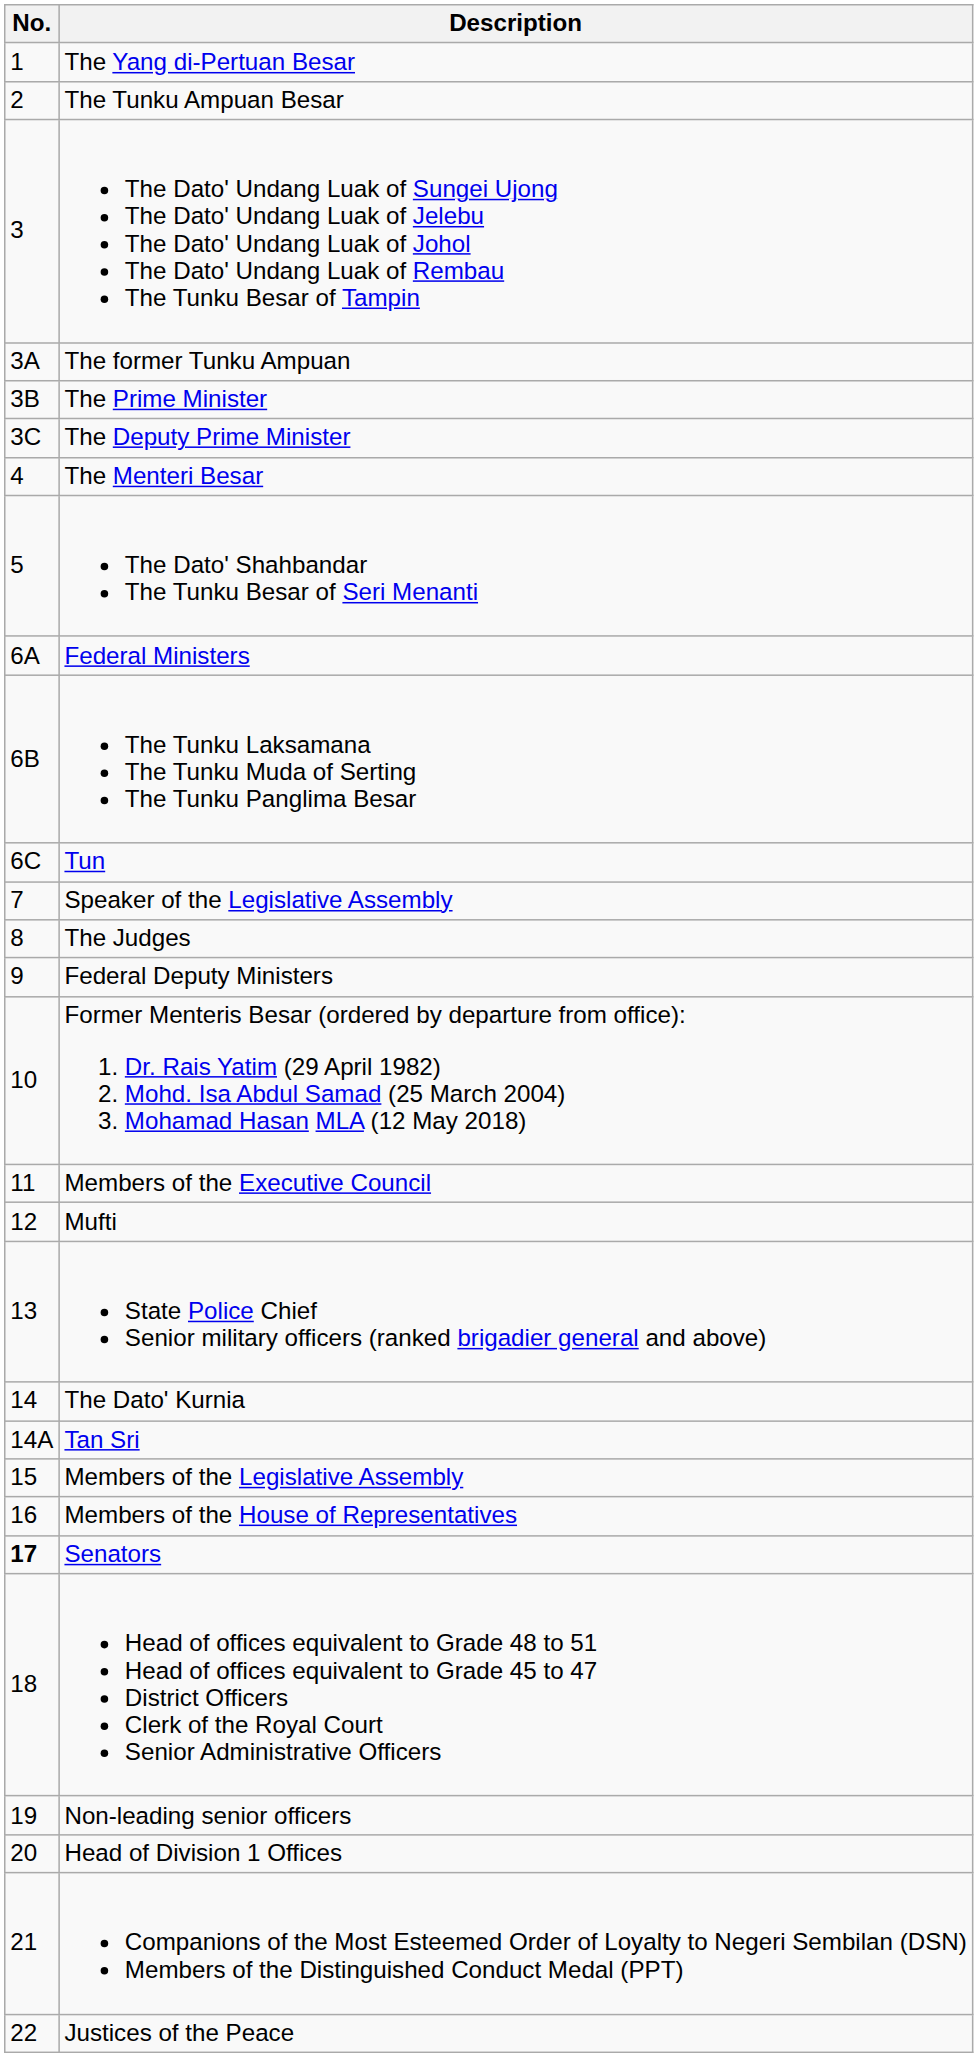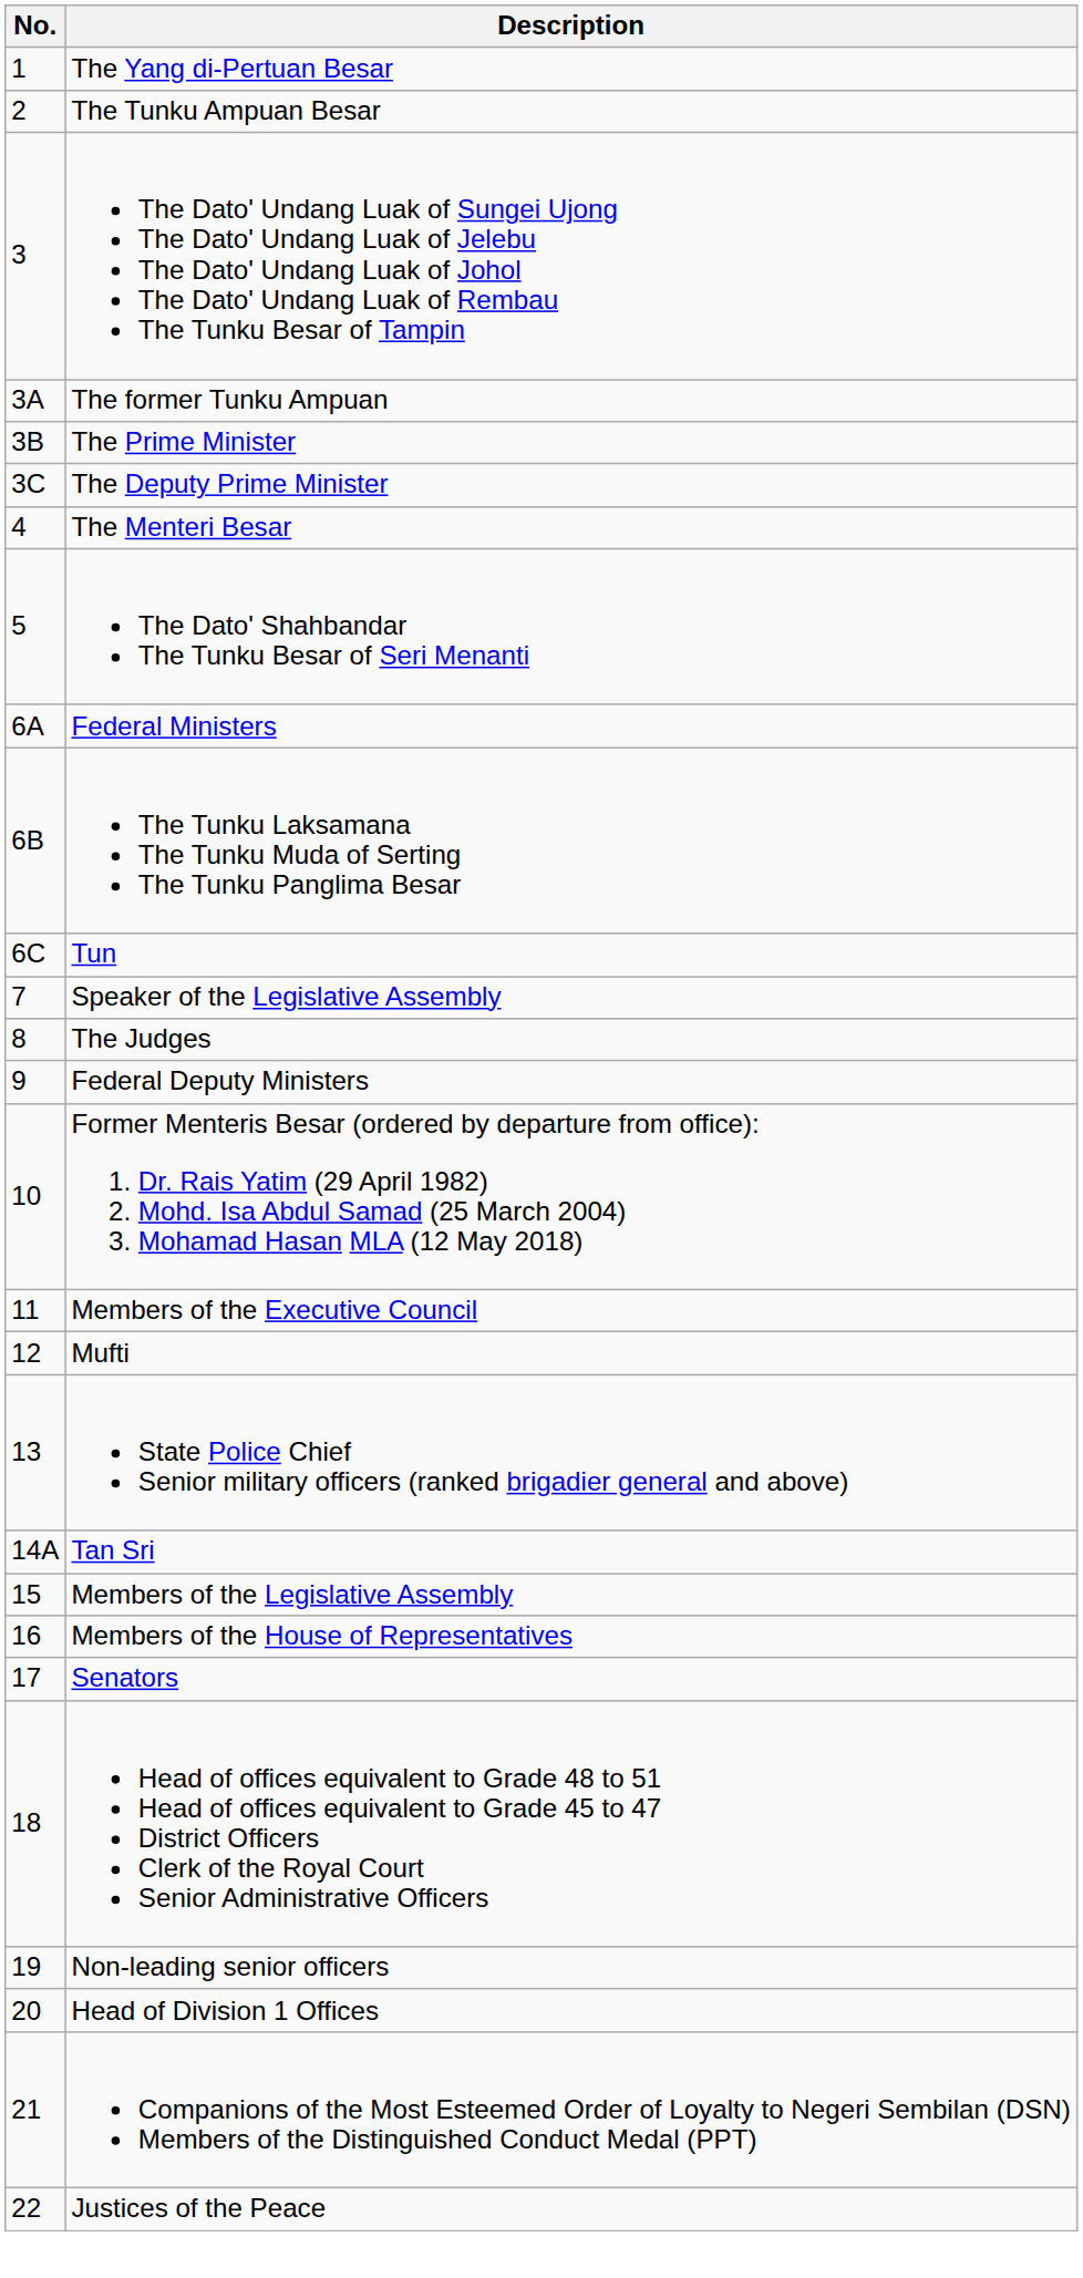 <table class="wikitable">
 <tr>
 <th>No.</th>
 <th>Description</th>
 </tr>
 <tr>
 <td>1</td>
 <td>The <a href='#'>Yang di-Pertuan Besar</a></td>
 </tr>
 <tr>
 <td>2</td>
 <td>The Tunku Ampuan Besar</td>
 </tr>
 <tr>
 <td>3</td>
 <td><br><ul><li>The Dato' Undang Luak of <a href='#'>Sungei Ujong</a></li><li>The Dato' Undang Luak of <a href='#'>Jelebu</a></li><li>The Dato' Undang Luak of <a href='#'>Johol</a></li><li>The Dato' Undang Luak of <a href='#'>Rembau</a></li><li>The Tunku Besar of <a href='#'>Tampin</a></li></ul></td>
 </tr>
 <tr>
 <td>3A</td>
 <td>The former Tunku Ampuan</td>
 </tr>
 <tr>
 <td>3B</td>
 <td>The <a href='#'>Prime Minister</a></td>
 </tr>
 <tr>
 <td>3C</td>
 <td>The <a href='#'>Deputy Prime Minister</a></td>
 </tr>
 <tr>
 <td>4</td>
 <td>The <a href='#'>Menteri Besar</a></td>
 </tr>
 <tr>
 <td>5</td>
 <td><br><ul><li>The Dato' Shahbandar</li><li>The Tunku Besar of <a href='#'>Seri Menanti</a></li></ul></td>
 </tr>
 <tr>
 <td>6A</td>
 <td><a href='#'>Federal Ministers</a></td>
 </tr>
 <tr>
 <td>6B</td>
 <td><br><ul><li>The Tunku Laksamana</li><li>The Tunku Muda of Serting</li><li>The Tunku Panglima Besar</li></ul></td>
 </tr>
 <tr>
 <td>6C</td>
 <td><a href='#'>Tun</a></td>
 </tr>
 <tr>
 <td>7</td>
 <td>Speaker of the <a href='#'>Legislative Assembly</a></td>
 </tr>
 <tr>
 <td>8</td>
 <td>The Judges</td>
 </tr>
 <tr>
 <td>9</td>
 <td>Federal Deputy Ministers</td>
 </tr>
 <tr>
 <td>10</td>
 <td>Former Menteris Besar (ordered by departure from office):<br><ol><li><a href='#'>Dr. Rais Yatim</a> (29 April 1982)</li><li><a href='#'>Mohd. Isa Abdul Samad</a> (25 March 2004)</li><li><a href='#'>Mohamad Hasan</a> <a href='#'>MLA</a> (12 May 2018)</li></ol></td>
 </tr>
 <tr>
 <td>11</td>
 <td>Members of the <a href='#'>Executive Council</a></td>
 </tr>
 <tr>
 <td>12</td>
 <td>Mufti</td>
 </tr>
 <tr>
 <td>13</td>
 <td><br><ul><li>State <a href='#'>Police</a> Chief</li><li>Senior military officers (ranked <a href='#'>brigadier general</a> and above)</li></ul></td>
 </tr>
 <tr>
-<td>14</td>
-<td>The Dato' Kurnia</td>
-</tr>
-<tr>
 <td>14A</td>
 <td><a href='#'>Tan Sri</a></td>
 </tr>
 <tr>
 <td>15</td>
 <td>Members of the <a href='#'>Legislative Assembly</a></td>
 </tr>
 <tr>
 <td>16</td>
 <td>Members of the <a href='#'>House of Representatives</a></td>
 </tr>
 <tr>
-<td><strong>17</strong></td>
+<td>17</td>
 <td><a href='#'>Senators</a></td>
 </tr>
 <tr>
 <td>18</td>
 <td><br><ul><li>Head of offices equivalent to Grade 48 to 51</li><li>Head of offices equivalent to Grade 45 to 47</li><li>District Officers</li><li>Clerk of the Royal Court</li><li>Senior Administrative Officers</li></ul></td>
 </tr>
 <tr>
 <td>19</td>
 <td>Non-leading senior officers</td>
 </tr>
 <tr>
 <td>20</td>
 <td>Head of Division 1 Offices</td>
 </tr>
 <tr>
 <td>21</td>
 <td><br><ul><li>Companions of the Most Esteemed Order of Loyalty to Negeri Sembilan (DSN)</li><li>Members of the Distinguished Conduct Medal (PPT)</li></ul></td>
 </tr>
 <tr>
 <td>22</td>
 <td>Justices of the Peace</td>
 </tr>
 </table>
